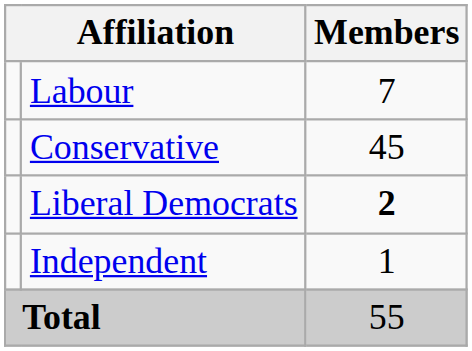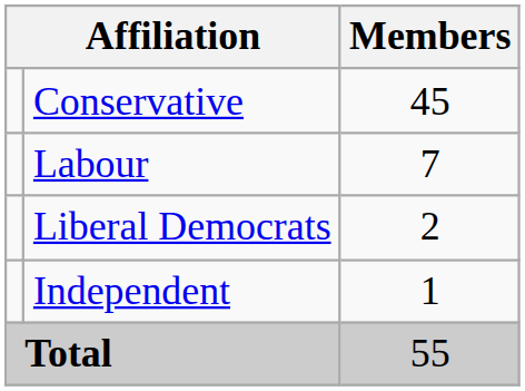 <table class="wikitable">
 <tr>
 <th colspan="2">Affiliation</th>
 <th>Members</th>
+</tr>
+<tr>
+<td></td>
+<td><a href='#'>Conservative</a></td>
+<td style="text-align:center;">45</td>
 </tr>
 <tr>
 <td></td>
 <td><a href='#'>Labour</a></td>
 <td style="text-align:center;">7</td>
 </tr>
 <tr>
 <td></td>
-<td><a href='#'>Conservative</a></td>
-<td style="text-align:center;">45</td>
-</tr>
-<tr>
-<td></td>
 <td><a href='#'>Liberal Democrats</a></td>
-<td style="text-align:center;"><strong>2</strong></td>
+<td style="text-align:center;">2</td>
 </tr>
 <tr>
 <td></td>
 <td><a href='#'>Independent</a></td>
 <td style="text-align:center;">1</td>
 </tr>
 <tr style="background:#ccc;">
 <td colspan="2"> <strong>Total</strong></td>
 <td style="text-align:center;">55</td>
 </tr>
 </table>
